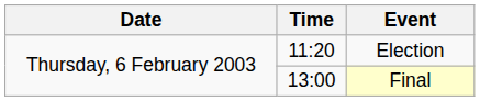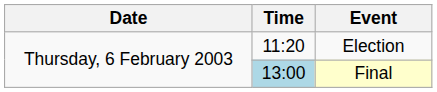 <table class = "wikitable" style="text-align:center;">
 <tr>
 <th width=220>Date</th>
 <th width=50>Time</th>
 <th width=100>Event</th>
 </tr>
 <tr>
 <td rowspan=2>Thursday, 6 February 2003</td>
 <td>11:20</td>
 <td>Election</td>
 </tr>
 <tr>
-<td>13:00</td>
+<td style="background: lightblue;">13:00</td>
 <td bgcolor=ffffcc>Final</td>
 </tr>
 </table>
